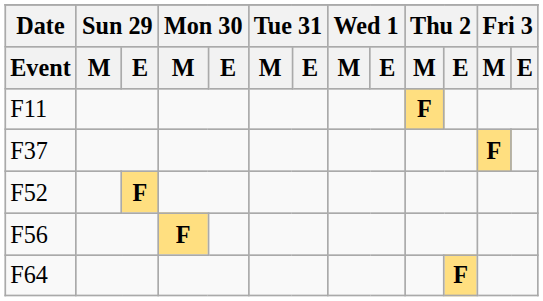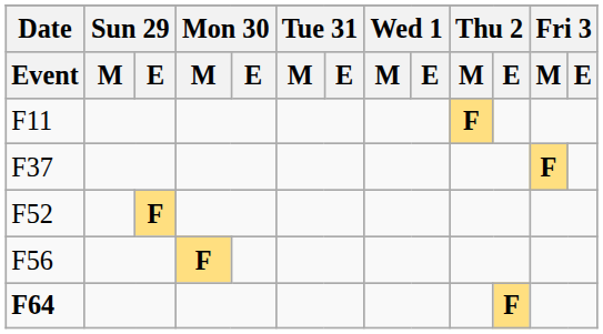 <table class="wikitable" style="margin:0.5em auto; font-size:90%; line-height:1.25em;">
 <tr align="center">
 </tr>
 <tr>
 <th>Date</th>
 <th colspan="2">Sun 29</th>
 <th colspan="2">Mon 30</th>
 <th colspan="2">Tue 31</th>
 <th colspan="2">Wed 1</th>
 <th colspan="2">Thu 2</th>
 <th colspan="2">Fri 3</th>
 </tr>
 <tr>
 <th>Event</th>
 <th>M</th>
 <th>E</th>
 <th>M</th>
 <th>E</th>
 <th>M</th>
 <th>E</th>
 <th>M</th>
 <th>E</th>
 <th>M</th>
 <th>E</th>
 <th>M</th>
 <th>E</th>
 </tr>
 <tr align="center">
 <td align="left">F11</td>
 <td colspan="2"></td>
 <td colspan="2"></td>
 <td colspan="2"></td>
 <td colspan="2"></td>
 <td bgcolor="#FFDF80"><strong>F</strong></td>
 <td></td>
 <td colspan="2"></td>
 </tr>
 <tr align="center">
 <td align="left">F37</td>
 <td colspan="2"></td>
 <td colspan="2"></td>
 <td colspan="2"></td>
 <td colspan="2"></td>
 <td colspan="2"></td>
 <td bgcolor="#FFDF80"><strong>F</strong></td>
 <td></td>
 </tr>
 <tr align="center">
 <td align="left">F52</td>
 <td></td>
 <td bgcolor="#FFDF80"><strong>F</strong></td>
 <td colspan="2"></td>
 <td colspan="2"></td>
 <td colspan="2"></td>
 <td colspan="2"></td>
 <td colspan="2"></td>
 </tr>
 <tr align="center">
 <td align="left">F56</td>
 <td colspan="2"></td>
 <td bgcolor="#FFDF80"><strong>F</strong></td>
 <td></td>
 <td colspan="2"></td>
 <td colspan="2"></td>
 <td colspan="2"></td>
 <td colspan="2"></td>
 </tr>
 <tr align="center">
-<td align="left">F64</td>
+<td align="left"><strong>F64</strong></td>
 <td colspan="2"></td>
 <td colspan="2"></td>
 <td colspan="2"></td>
 <td colspan="2"></td>
 <td></td>
 <td bgcolor="#FFDF80"><strong>F</strong></td>
 <td colspan="2"></td>
 </tr>
 </table>
